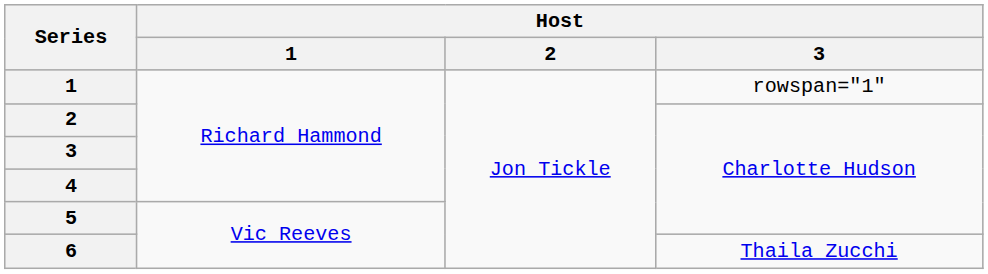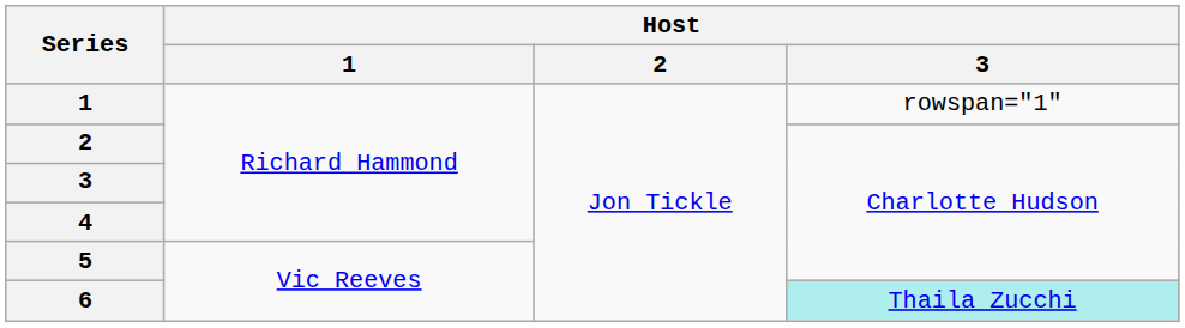 <table class="wikitable" style="text-align:center; width: 50%;">
 <tr>
 <th rowspan=2>Series</th>
 <th colspan="3">Host</th>
 </tr>
 <tr>
 <th>1</th>
 <th>2</th>
 <th>3</th>
 </tr>
 <tr>
 <th scope="row">1</th>
 <td rowspan="4"><a href='#'>Richard Hammond</a></td>
 <td rowspan="6"><a href='#'>Jon Tickle</a></td>
 <td>rowspan="1" </td>
 </tr>
 <tr>
 <th scope="row">2</th>
 <td rowspan="4"><a href='#'>Charlotte Hudson</a></td>
 </tr>
 <tr>
 <th scope="row">3</th>
 </tr>
 <tr>
 <th scope="row">4</th>
 </tr>
 <tr>
 <th scope="row">5</th>
 <td rowspan="2"><a href='#'>Vic Reeves</a></td>
 </tr>
 <tr>
 <th scope="row">6</th>
-<td rowspan="1"><a href='#'>Thaila Zucchi</a></td>
+<td rowspan="1" style="background: paleturquoise;"><a href='#'>Thaila Zucchi</a></td>
 </tr>
 </table>
